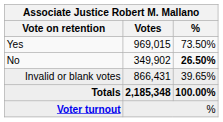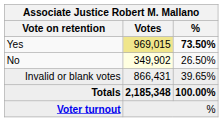 <table class="wikitable" style="font-size: 95%;">
 <tr style="background-color:#E9E9E9">
 <th colspan=7>Associate Justice Robert M. Mallano</th>
 </tr>
 <tr style="background-color:#E9E9E9">
 <th style="width: 170px">Vote on retention</th>
 <th style="width: 50px">Votes</th>
 <th style="width: 40px">%</th>
 </tr>
 <tr>
 <td>Yes</td>
-<td align="right">969,015</td>
-<td align="right">73.50%</td>
+<td align="right" style="background: khaki;">969,015</td>
+<td align="right"><strong>73.50%</strong></td>
 </tr>
 <tr>
 <td>No</td>
-<td align="right">349,902</td>
-<td align="right"><strong>26.50%</strong></td>
+<td align="right" style="background: lightyellow;">349,902</td>
+<td align="right">26.50%</td>
 </tr>
 <tr bgcolor="#EEEEEE">
 <td align="right">Invalid or blank votes</td>
 <td align="right">866,431</td>
 <td align="right">39.65%</td>
 </tr>
 <tr bgcolor="#EEEEEE">
 <td align="right"><strong>Totals</strong></td>
 <td align="right"><strong>2,185,348</strong></td>
 <td align="right"><strong>100.00%</strong></td>
 </tr>
 <tr bgcolor="#EEEEEE">
 <td align="right"><strong><a href='#'>Voter turnout</a></strong></td>
 <td colspan="2" align="right">%</td>
 </tr>
 </table>
